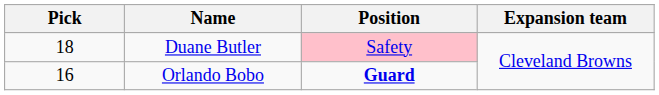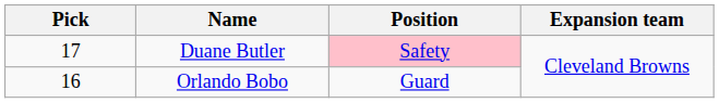 <table class="wikitable" style="text-align:center">
 <tr>
 <th width=100px>Pick</th>
 <th width=150px>Name</th>
 <th width=150px>Position</th>
 <th width=150px>Expansion team</th>
 </tr>
 <tr>
-<td>18</td>
+<td>17</td>
 <td><a href='#'>Duane Butler</a></td>
 <td style="background: pink;"><a href='#'>Safety</a></td>
 <td rowspan="2"><a href='#'>Cleveland Browns</a></td>
 </tr>
 <tr>
 <td>16</td>
 <td><a href='#'>Orlando Bobo</a></td>
-<td><strong><a href='#'>Guard</a></strong></td>
+<td><a href='#'>Guard</a></td>
 </tr>
 </table>
